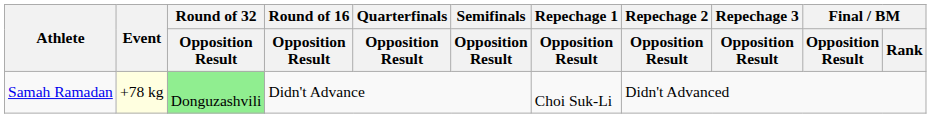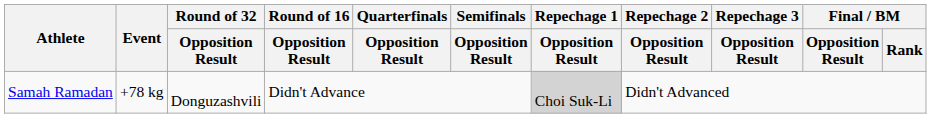 <table class="wikitable">
 <tr>
 <th rowspan="2">Athlete</th>
 <th rowspan="2">Event</th>
 <th>Round of 32</th>
 <th>Round of 16</th>
 <th>Quarterfinals</th>
 <th>Semifinals</th>
 <th>Repechage 1</th>
 <th>Repechage 2</th>
 <th>Repechage 3</th>
 <th colspan="2">Final / <abbr>BM</abbr></th>
 </tr>
 <tr>
 <th>Opposition<br>Result</th>
 <th>Opposition<br>Result</th>
 <th>Opposition<br>Result</th>
 <th>Opposition<br>Result</th>
 <th>Opposition<br>Result</th>
 <th>Opposition<br>Result</th>
 <th>Opposition<br>Result</th>
 <th>Opposition<br>Result</th>
 <th>Rank</th>
 </tr>
 <tr>
 <td><a href='#'>Samah Ramadan</a></td>
-<td style="background: lightyellow;">+78 kg</td>
-<td style="background: lightgreen;"><br>Donguzashvili</td>
+<td>+78 kg</td>
+<td><br>Donguzashvili</td>
 <td colspan="3">Didn't Advance</td>
-<td><br>Choi Suk-Li</td>
+<td style="background: lightgrey;"><br>Choi Suk-Li</td>
 <td colspan="4">Didn't Advanced</td>
 </tr>
 </table>
